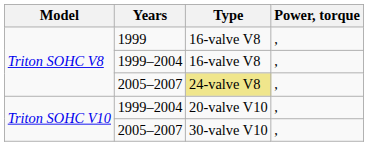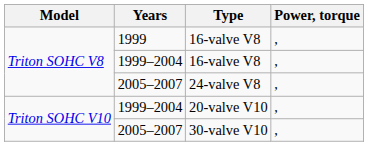 <table class="wikitable collapsible sortable">
 <tr>
 <th>Model</th>
 <th>Years</th>
 <th>Type</th>
 <th>Power, torque</th>
 </tr>
 <tr>
 <td rowspan=3><em><a href='#'>Triton SOHC V8</a></em></td>
 <td>1999</td>
 <td> 16-valve V8</td>
 <td>, </td>
 </tr>
 <tr>
 <td>1999–2004</td>
 <td> 16-valve V8</td>
 <td>, </td>
 </tr>
 <tr>
 <td>2005–2007</td>
-<td style="background: khaki;"> 24-valve V8</td>
+<td> 24-valve V8</td>
 <td>, </td>
 </tr>
 <tr>
 <td rowspan=2><em><a href='#'>Triton SOHC V10</a></em></td>
 <td>1999–2004</td>
 <td> 20-valve V10</td>
 <td>, </td>
 </tr>
 <tr>
 <td>2005–2007</td>
 <td> 30-valve V10</td>
 <td>, </td>
 </tr>
 </table>
